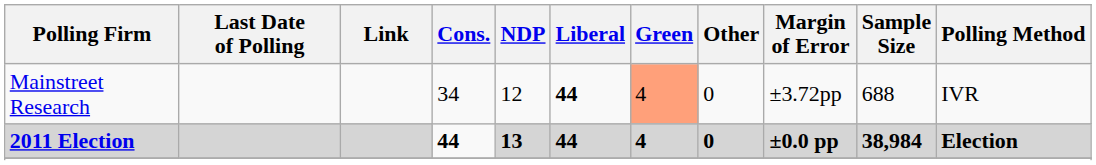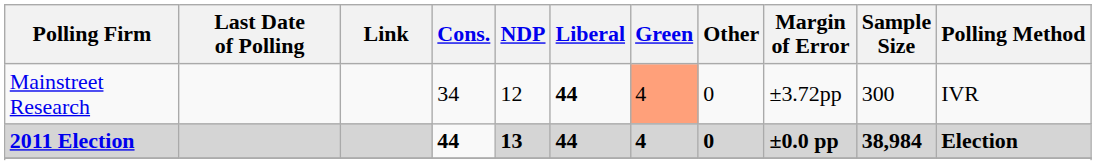 <table class="wikitable sortable">
 <tr style="background:#e9e9e9;">
 <th style="width:120px">Polling Firm</th>
 <th style="width:110px">Last Date<br>of Polling</th>
 <th style="width:60px" class="unsortable">Link</th>
 <th style="background-color:"><strong><a href='#'>Cons.</a></strong></th>
 <th style="background-color:"><strong><a href='#'>NDP</a></strong></th>
 <th style="background-color:"><strong><a href='#'>Liberal</a></strong></th>
 <th style="background-color:"><strong><a href='#'>Green</a></strong></th>
 <th style="background-color:"><strong>Other</strong></th>
 <th style="width:60px;" class=unsortable>Margin<br>of Error</th>
 <th style="width:50px;" class=unsortable>Sample<br>Size</th>
 <th class=unsortable>Polling Method</th>
 </tr>
 <tr>
 <td><a href='#'>Mainstreet Research</a></td>
 <td></td>
 <td></td>
 <td>34</td>
 <td>12</td>
 <td><strong>44</strong></td>
 <td style="background: lightsalmon;">4</td>
 <td>0</td>
 <td>±3.72pp</td>
-<td>688</td>
+<td>300</td>
 <td>IVR</td>
 </tr>
 <tr>
 <td style="background:#D5D5D5"><strong><a href='#'>2011 Election</a></strong></td>
 <td style="background:#D5D5D5"><strong></strong></td>
 <td style="background:#D5D5D5"></td>
 <td><strong>44</strong></td>
 <td style="background:#D5D5D5"><strong>13</strong></td>
 <td style="background:#D5D5D5"><strong>44</strong></td>
 <td style="background:#D5D5D5"><strong>4</strong></td>
 <td style="background:#D5D5D5"><strong>0</strong></td>
 <td style="background:#D5D5D5"><strong>±0.0 pp</strong></td>
 <td style="background:#D5D5D5"><strong>38,984</strong></td>
 <td style="background:#D5D5D5"><strong>Election</strong></td>
 </tr>
 <tr>
 </tr>
 <tr>
 </tr>
 </table>
